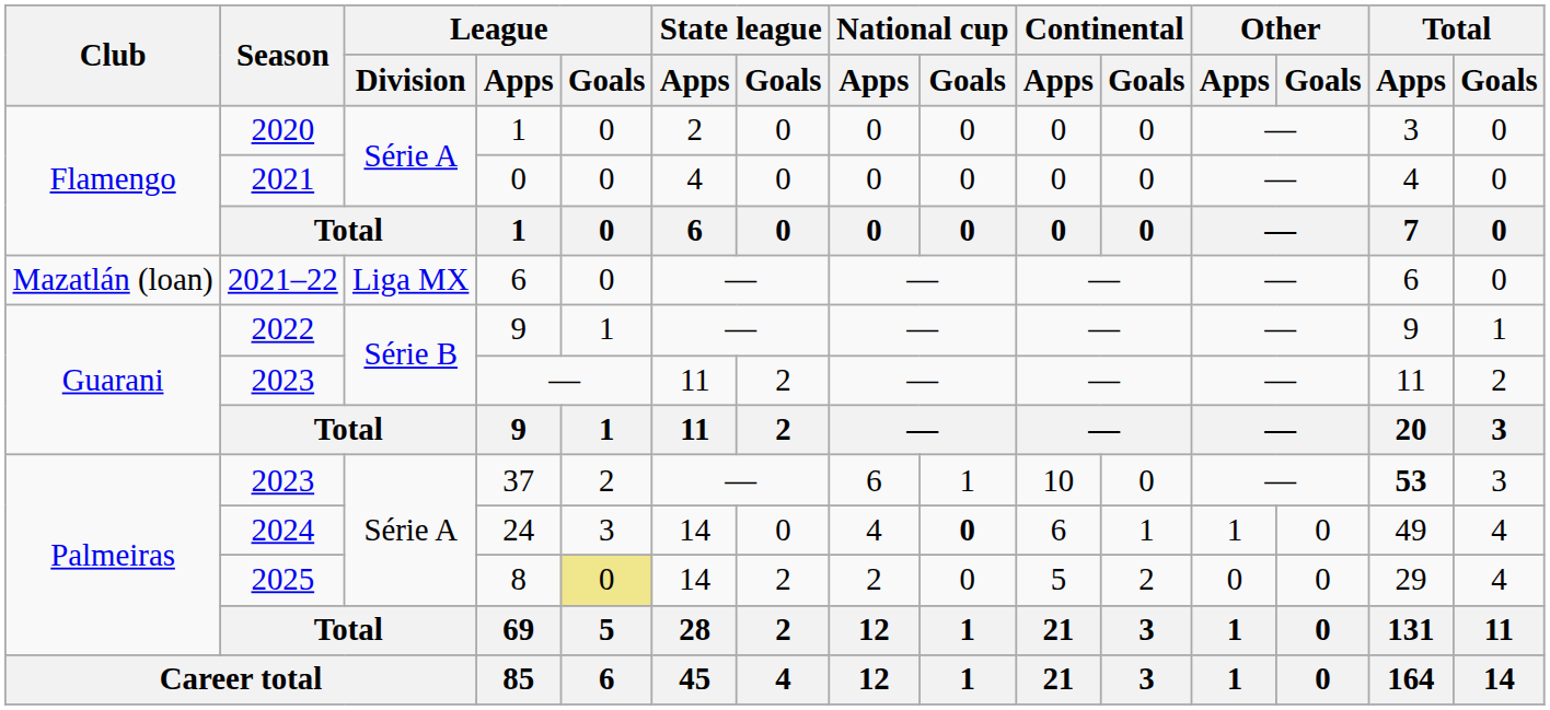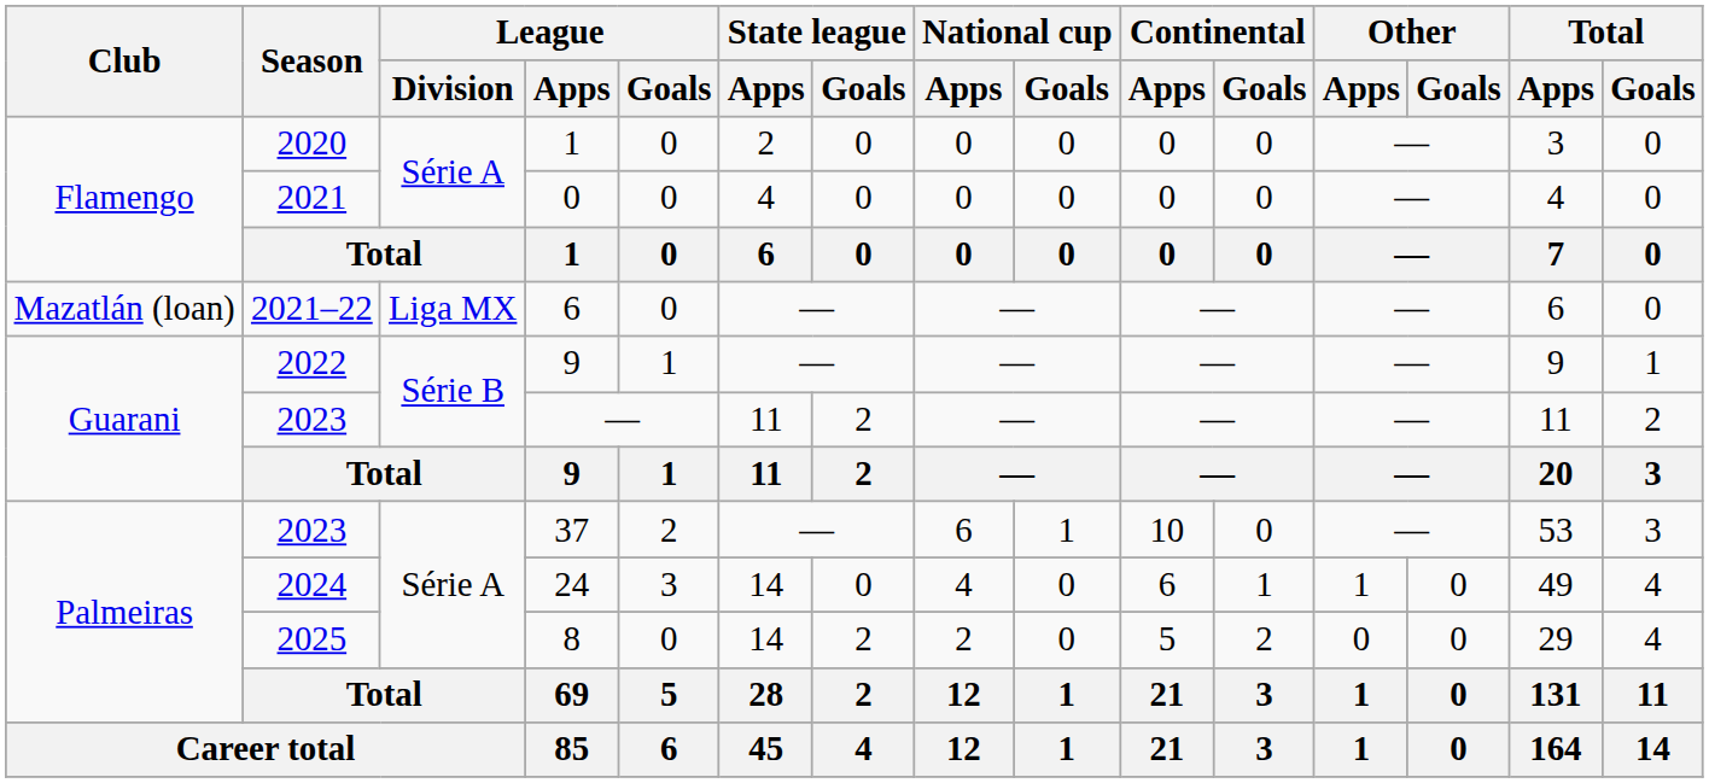 <table class="wikitable" style="text-align: center;">
 <tr>
 <th rowspan="2">Club</th>
 <th rowspan="2">Season</th>
 <th colspan="3">League</th>
 <th colspan="2">State league</th>
 <th colspan="2">National cup</th>
 <th colspan="2">Continental</th>
 <th colspan="2">Other</th>
 <th colspan="2">Total</th>
 </tr>
 <tr>
 <th>Division</th>
 <th>Apps</th>
 <th>Goals</th>
 <th>Apps</th>
 <th>Goals</th>
 <th>Apps</th>
 <th>Goals</th>
 <th>Apps</th>
 <th>Goals</th>
 <th>Apps</th>
 <th>Goals</th>
 <th>Apps</th>
 <th>Goals</th>
 </tr>
 <tr>
 <td rowspan="3" valign="center"><a href='#'>Flamengo</a></td>
 <td><a href='#'>2020</a></td>
 <td rowspan="2"><a href='#'>Série A</a></td>
 <td>1</td>
 <td>0</td>
 <td>2</td>
 <td>0</td>
 <td>0</td>
 <td>0</td>
 <td>0</td>
 <td>0</td>
 <td colspan="2">—</td>
 <td>3</td>
 <td>0</td>
 </tr>
 <tr>
 <td><a href='#'>2021</a></td>
 <td>0</td>
 <td>0</td>
 <td>4</td>
 <td>0</td>
 <td>0</td>
 <td>0</td>
 <td>0</td>
 <td>0</td>
 <td colspan="2">—</td>
 <td>4</td>
 <td>0</td>
 </tr>
 <tr>
 <th colspan="2">Total</th>
 <th>1</th>
 <th>0</th>
 <th>6</th>
 <th>0</th>
 <th>0</th>
 <th>0</th>
 <th>0</th>
 <th>0</th>
 <th colspan="2">—</th>
 <th>7</th>
 <th>0</th>
 </tr>
 <tr>
 <td valign="center"><a href='#'>Mazatlán</a> (loan)</td>
 <td><a href='#'>2021–22</a></td>
 <td><a href='#'>Liga MX</a></td>
 <td>6</td>
 <td>0</td>
 <td colspan="2">—</td>
 <td colspan="2">—</td>
 <td colspan="2">—</td>
 <td colspan="2">—</td>
 <td>6</td>
 <td>0</td>
 </tr>
 <tr>
 <td rowspan="3" valign="center"><a href='#'>Guarani</a></td>
 <td><a href='#'>2022</a></td>
 <td rowspan="2"><a href='#'>Série B</a></td>
 <td>9</td>
 <td>1</td>
 <td colspan="2">—</td>
 <td colspan="2">—</td>
 <td colspan="2">—</td>
 <td colspan="2">—</td>
 <td>9</td>
 <td>1</td>
 </tr>
 <tr>
 <td><a href='#'>2023</a></td>
 <td colspan="2">—</td>
 <td>11</td>
 <td>2</td>
 <td colspan="2">—</td>
 <td colspan="2">—</td>
 <td colspan="2">—</td>
 <td>11</td>
 <td>2</td>
 </tr>
 <tr>
 <th colspan="2">Total</th>
 <th>9</th>
 <th>1</th>
 <th>11</th>
 <th>2</th>
 <th colspan="2">—</th>
 <th colspan="2">—</th>
 <th colspan="2">—</th>
 <th>20</th>
 <th>3</th>
 </tr>
 <tr>
 <td rowspan="4"><a href='#'>Palmeiras</a></td>
 <td><a href='#'>2023</a></td>
 <td rowspan="3">Série A</td>
 <td>37</td>
 <td>2</td>
 <td colspan="2">—</td>
 <td>6</td>
 <td>1</td>
 <td>10</td>
 <td>0</td>
 <td colspan="2">—</td>
-<td><strong>53</strong></td>
+<td>53</td>
 <td>3</td>
 </tr>
 <tr>
 <td><a href='#'>2024</a></td>
 <td>24</td>
 <td>3</td>
 <td>14</td>
 <td>0</td>
 <td>4</td>
-<td><strong>0</strong></td>
+<td>0</td>
 <td>6</td>
 <td>1</td>
 <td>1</td>
 <td>0</td>
 <td>49</td>
 <td>4</td>
 </tr>
 <tr>
 <td><a href='#'>2025</a></td>
 <td>8</td>
-<td style="background: khaki;">0</td>
+<td>0</td>
 <td>14</td>
 <td>2</td>
 <td>2</td>
 <td>0</td>
 <td>5</td>
 <td>2</td>
 <td>0</td>
 <td>0</td>
 <td>29</td>
 <td>4</td>
 </tr>
 <tr>
 <th colspan="2">Total</th>
 <th>69</th>
 <th>5</th>
 <th>28</th>
 <th>2</th>
 <th>12</th>
 <th>1</th>
 <th>21</th>
 <th>3</th>
 <th>1</th>
 <th>0</th>
 <th>131</th>
 <th>11</th>
 </tr>
 <tr>
 <th colspan="3">Career total</th>
 <th>85</th>
 <th>6</th>
 <th>45</th>
 <th>4</th>
 <th>12</th>
 <th>1</th>
 <th>21</th>
 <th>3</th>
 <th>1</th>
 <th>0</th>
 <th>164</th>
 <th>14</th>
 </tr>
 </table>
